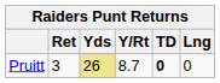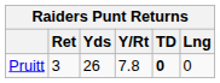 <table class="wikitable">
 <tr>
 <th colspan="6">Raiders Punt Returns</th>
 </tr>
 <tr>
 <th></th>
 <th>Ret</th>
 <th>Yds</th>
 <th>Y/Rt</th>
 <th>TD</th>
 <th>Lng</th>
 </tr>
 <tr>
 <td><a href='#'>Pruitt</a></td>
 <td>3</td>
-<td style="background: khaki;">26</td>
-<td>8.7</td>
+<td>26</td>
+<td>7.8</td>
 <td><strong>0</strong></td>
 <td>0</td>
 </tr>
 </table>
